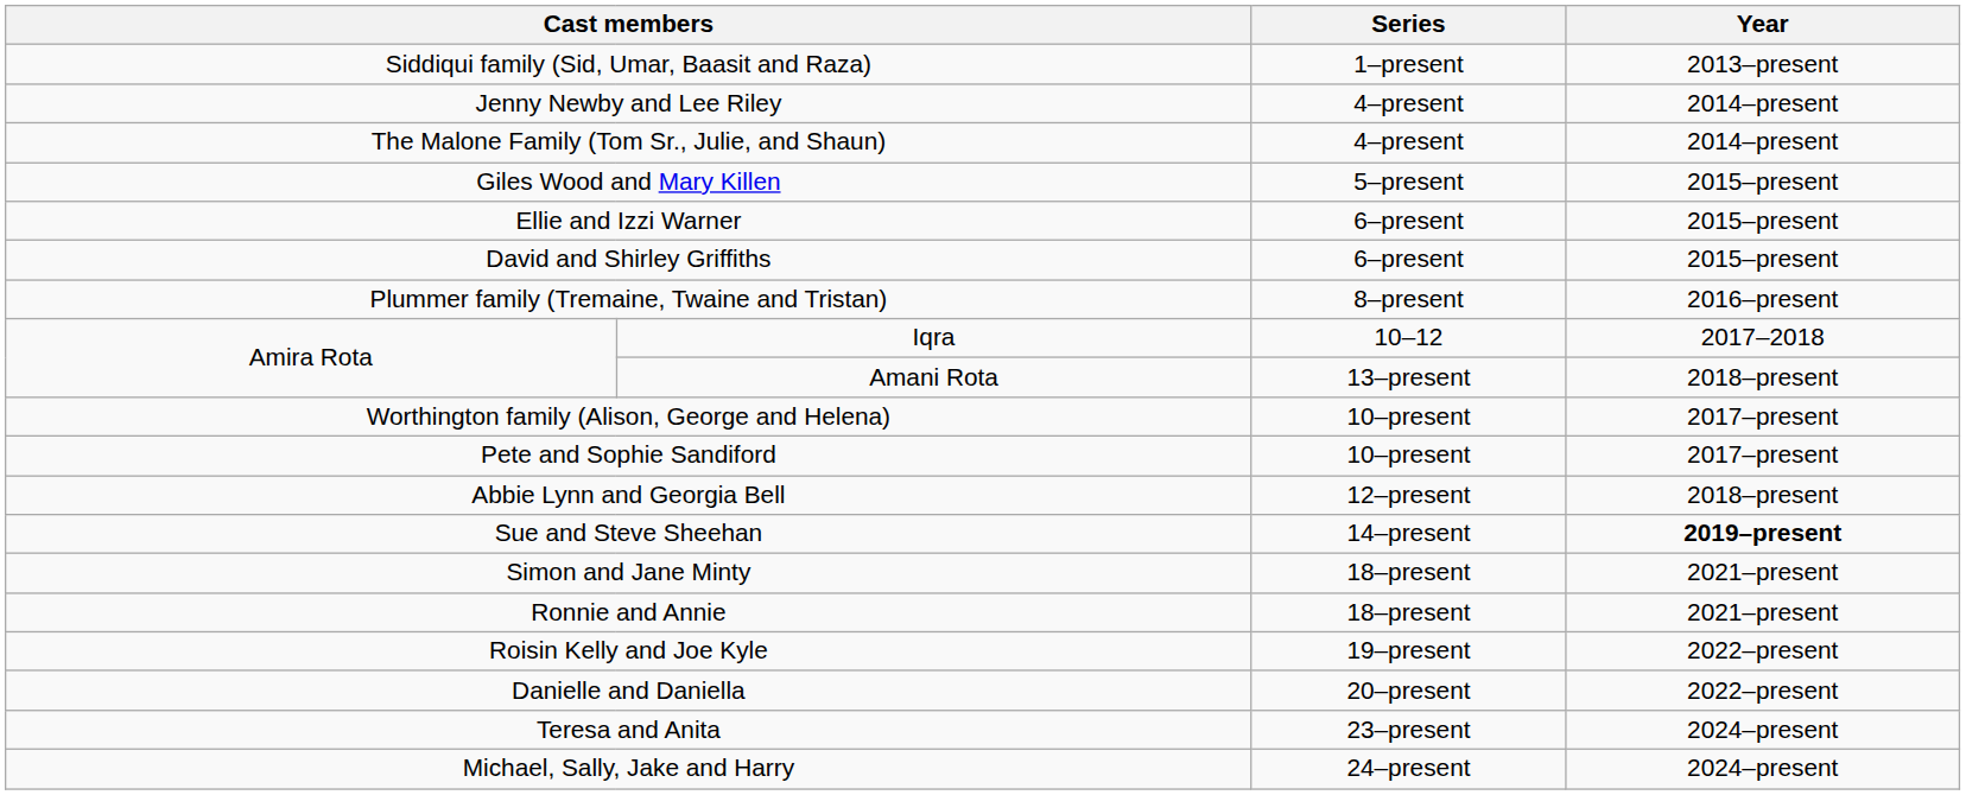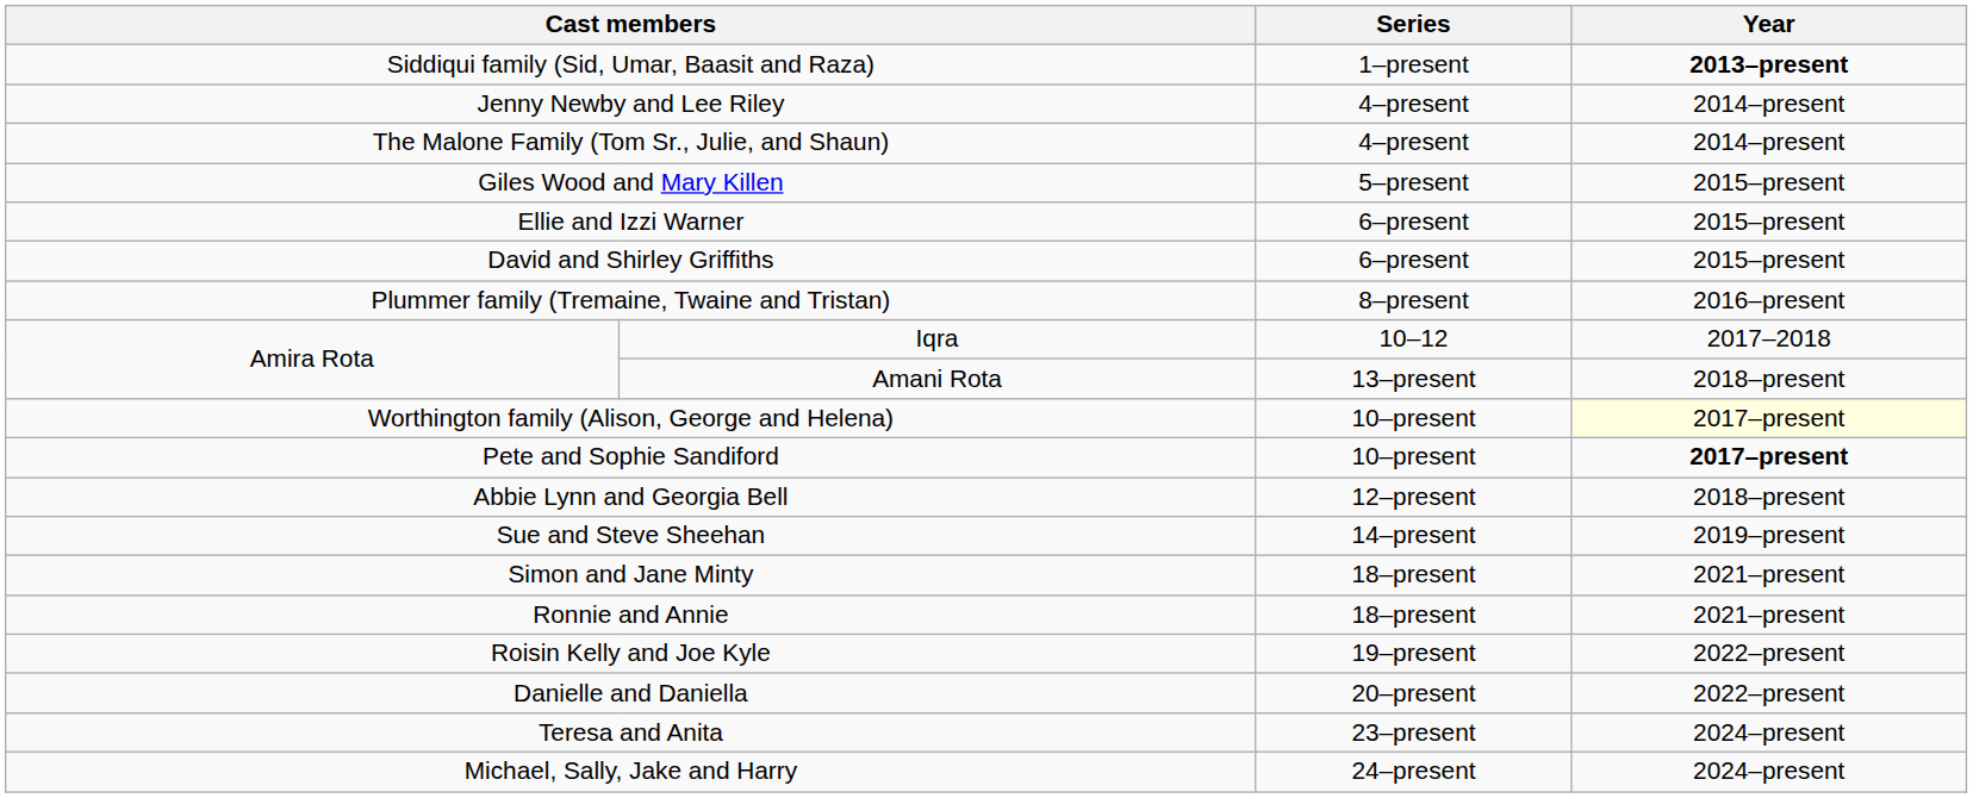 <table class="wikitable sortable" style="text-align:center; width:80%;">
 <tr>
 <th colspan="2">Cast members</th>
 <th>Series</th>
 <th>Year</th>
 </tr>
 <tr>
 <td colspan="2">Siddiqui family (Sid, Umar, Baasit and Raza)</td>
 <td>1–present</td>
-<td>2013–present</td>
+<td><strong>2013–present</strong></td>
 </tr>
 <tr>
 <td colspan="2">Jenny Newby and Lee Riley</td>
 <td>4–present</td>
 <td>2014–present</td>
 </tr>
 <tr>
 <td colspan="2">The Malone Family (Tom Sr., Julie, and Shaun)</td>
 <td>4–present</td>
 <td>2014–present</td>
 </tr>
 <tr>
 <td colspan="2">Giles Wood and <a href='#'>Mary Killen</a></td>
 <td>5–present</td>
 <td>2015–present</td>
 </tr>
 <tr>
 <td colspan="2">Ellie and Izzi Warner</td>
 <td>6–present</td>
 <td>2015–present</td>
 </tr>
 <tr>
 <td colspan="2">David and Shirley Griffiths</td>
 <td>6–present</td>
 <td>2015–present</td>
 </tr>
 <tr>
 <td colspan="2">Plummer family (Tremaine, Twaine and Tristan)</td>
 <td>8–present</td>
 <td>2016–present</td>
 </tr>
 <tr>
 <td rowspan="2">Amira Rota</td>
 <td>Iqra</td>
 <td>10–12</td>
 <td>2017–2018</td>
 </tr>
 <tr>
 <td>Amani Rota</td>
 <td>13–present</td>
 <td>2018–present</td>
 </tr>
 <tr>
 <td colspan="2">Worthington family (Alison, George and Helena)</td>
 <td>10–present</td>
-<td>2017–present</td>
+<td style="background: lightyellow;">2017–present</td>
 </tr>
 <tr>
 <td colspan="2">Pete and Sophie Sandiford</td>
 <td>10–present</td>
-<td>2017–present</td>
+<td><strong>2017–present</strong></td>
 </tr>
 <tr>
 <td colspan="2">Abbie Lynn and Georgia Bell</td>
 <td>12–present</td>
 <td>2018–present</td>
 </tr>
 <tr>
 <td colspan="2">Sue and Steve Sheehan</td>
 <td>14–present</td>
-<td><strong>2019–present</strong></td>
+<td>2019–present</td>
 </tr>
 <tr>
 <td colspan="2">Simon and Jane Minty</td>
 <td>18–present</td>
 <td>2021–present</td>
 </tr>
 <tr>
 <td colspan="2">Ronnie and Annie</td>
 <td>18–present</td>
 <td>2021–present</td>
 </tr>
 <tr>
 <td colspan="2">Roisin Kelly and Joe Kyle</td>
 <td>19–present</td>
 <td>2022–present</td>
 </tr>
 <tr>
 <td colspan="2">Danielle and Daniella</td>
 <td>20–present</td>
 <td>2022–present</td>
 </tr>
 <tr>
 <td colspan="2">Teresa and Anita</td>
 <td>23–present</td>
 <td>2024–present</td>
 </tr>
 <tr>
 <td colspan="2">Michael, Sally, Jake and Harry</td>
 <td>24–present</td>
 <td>2024–present</td>
 </tr>
 </table>
